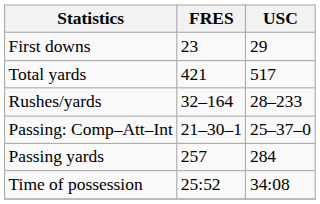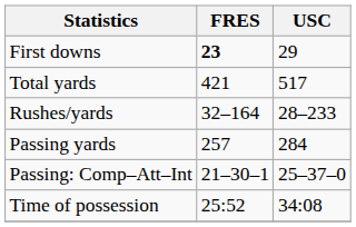 <table class="wikitable" style="float: left;">
 <tr>
 <th>Statistics</th>
 <th>FRES</th>
 <th>USC</th>
 </tr>
 <tr>
 <td>First downs</td>
-<td>23</td>
+<td><strong>23</strong></td>
 <td>29</td>
 </tr>
 <tr>
 <td>Total yards</td>
 <td>421</td>
 <td>517</td>
 </tr>
 <tr>
 <td>Rushes/yards</td>
 <td>32–164</td>
 <td>28–233</td>
 </tr>
 <tr>
+<td>Passing yards</td>
+<td>257</td>
+<td>284</td>
+</tr>
+<tr>
 <td>Passing: Comp–Att–Int</td>
 <td>21–30–1</td>
 <td>25–37–0</td>
-</tr>
-<tr>
-<td>Passing yards</td>
-<td>257</td>
-<td>284</td>
 </tr>
 <tr>
 <td>Time of possession</td>
 <td>25:52</td>
 <td>34:08</td>
 </tr>
 <tr>
 </tr>
 </table>
